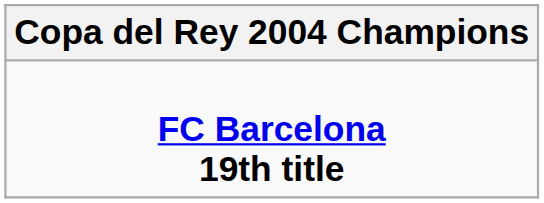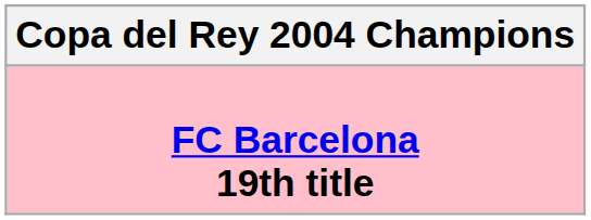 <table class=wikitable style="text-align:center; margin:auto">
 <tr>
 <th>Copa del Rey 2004 Champions</th>
 </tr>
 <tr>
-<td><br> <strong><a href='#'>FC Barcelona</a></strong> <br> <strong>19th title</strong></td>
+<td style="background: pink;"><br> <strong><a href='#'>FC Barcelona</a></strong> <br> <strong>19th title</strong></td>
 </tr>
 </table>
